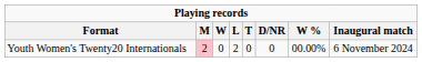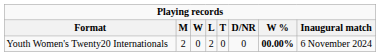 <table class="wikitable" style="text-align: center; width: 600px">
 <tr>
 <td colspan="8" align="center"><strong>Playing records</strong></td>
 </tr>
 <tr>
 <th>Format</th>
 <th>M</th>
 <th>W</th>
 <th>L</th>
 <th>T</th>
 <th>D/NR</th>
 <th>W %</th>
 <th>Inaugural match</th>
 </tr>
 <tr>
 <td align="left">Youth Women's Twenty20 Internationals</td>
-<td style="background: pink;">2</td>
+<td>2</td>
 <td>0</td>
 <td>2</td>
 <td>0</td>
 <td>0</td>
-<td>00.00%</td>
+<td><strong>00.00%</strong></td>
 <td>6 November 2024</td>
 </tr>
 </table>
